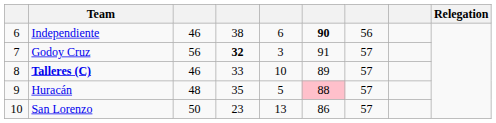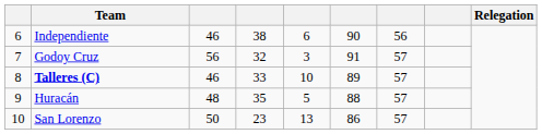 <table class="wikitable sortable" style="text-align: center;">
 <tr>
 <th width=25></th>
 <th width=185>Team</th>
 <th width=50></th>
 <th width=50></th>
 <th width=50></th>
 <th width=50></th>
 <th width=50></th>
 <th width=50></th>
 <th>Relegation</th>
 </tr>
 <tr>
 <td>6</td>
 <td align="left"><a href='#'>Independiente</a></td>
 <td>46</td>
 <td>38</td>
 <td>6</td>
-<td><strong>90</strong></td>
+<td>90</td>
 <td>56</td>
 <td><strong></strong></td>
 </tr>
 <tr>
 <td>7</td>
 <td align="left"><a href='#'>Godoy Cruz</a></td>
 <td>56</td>
-<td><strong>32</strong></td>
+<td>32</td>
 <td>3</td>
 <td>91</td>
 <td>57</td>
 <td><strong></strong></td>
 </tr>
 <tr>
 <td>8</td>
 <td align="left"><strong><a href='#'>Talleres (C)</a></strong></td>
 <td>46</td>
 <td>33</td>
 <td>10</td>
 <td>89</td>
 <td>57</td>
 <td><strong></strong></td>
 </tr>
 <tr>
 <td>9</td>
 <td align="left"><a href='#'>Huracán</a></td>
 <td>48</td>
 <td>35</td>
 <td>5</td>
-<td style="background: pink;">88</td>
+<td>88</td>
 <td>57</td>
 <td><strong></strong></td>
 </tr>
 <tr>
 <td>10</td>
 <td align="left"><a href='#'>San Lorenzo</a></td>
 <td>50</td>
 <td>23</td>
 <td>13</td>
 <td>86</td>
 <td>57</td>
 <td><strong></strong></td>
 </tr>
 </table>
